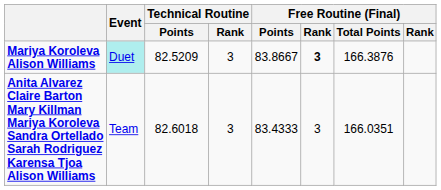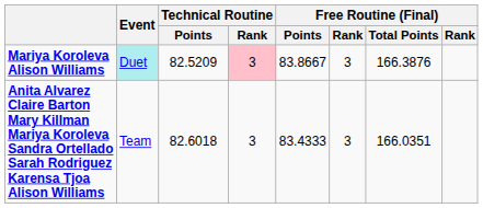 <table class=wikitable style="font-size:90%">
 <tr>
 <th rowspan="2"></th>
 <th rowspan="2">Event</th>
 <th colspan="2">Technical Routine</th>
 <th colspan="4">Free Routine (Final)</th>
 </tr>
 <tr style="font-size:95%">
 <th>Points</th>
 <th>Rank</th>
 <th>Points</th>
 <th>Rank</th>
 <th>Total Points</th>
 <th>Rank</th>
 </tr>
 <tr align=center>
 <td align=left><strong><a href='#'>Mariya Koroleva</a><br><a href='#'>Alison Williams</a></strong></td>
 <td align=left style="background: paleturquoise;"><a href='#'>Duet</a></td>
 <td>82.5209</td>
+<td style="background: pink;">3</td>
+<td>83.8667</td>
 <td>3</td>
-<td>83.8667</td>
-<td><strong>3</strong></td>
 <td>166.3876</td>
 <td></td>
 </tr>
 <tr align=center>
 <td align=left><strong><a href='#'>Anita Alvarez</a><br><a href='#'>Claire Barton</a><br><a href='#'>Mary Killman</a><br><a href='#'>Mariya Koroleva</a><br><a href='#'>Sandra Ortellado</a><br><a href='#'>Sarah Rodriguez</a><br><a href='#'>Karensa Tjoa</a><br><a href='#'>Alison Williams</a></strong></td>
 <td align=left><a href='#'>Team</a></td>
 <td>82.6018</td>
 <td>3</td>
 <td>83.4333</td>
 <td>3</td>
 <td>166.0351</td>
 <td></td>
 </tr>
 </table>
